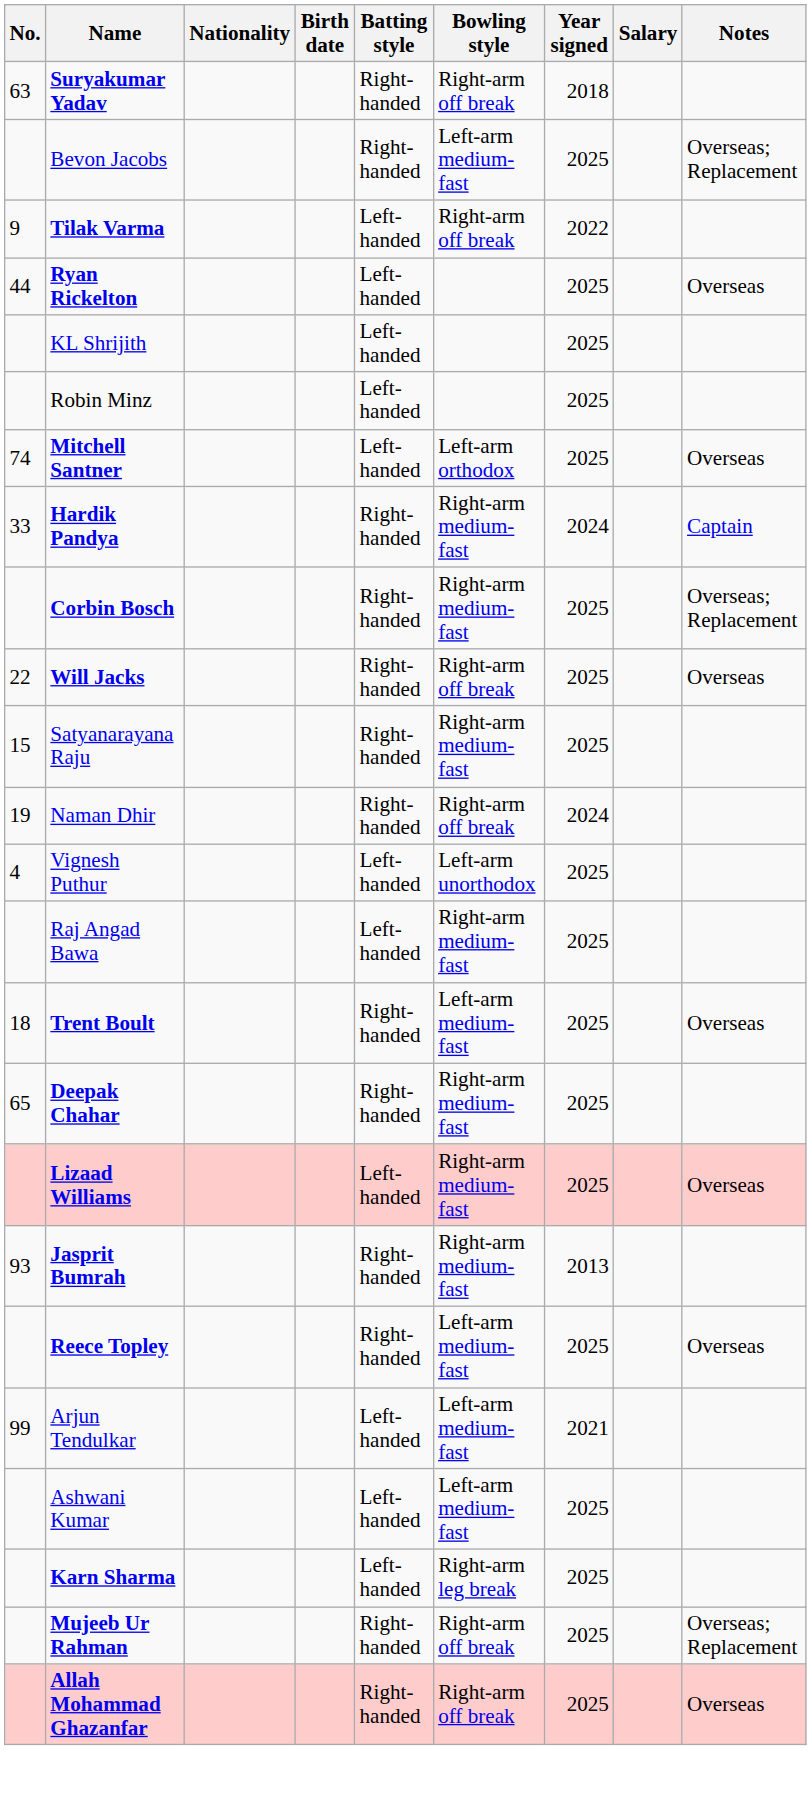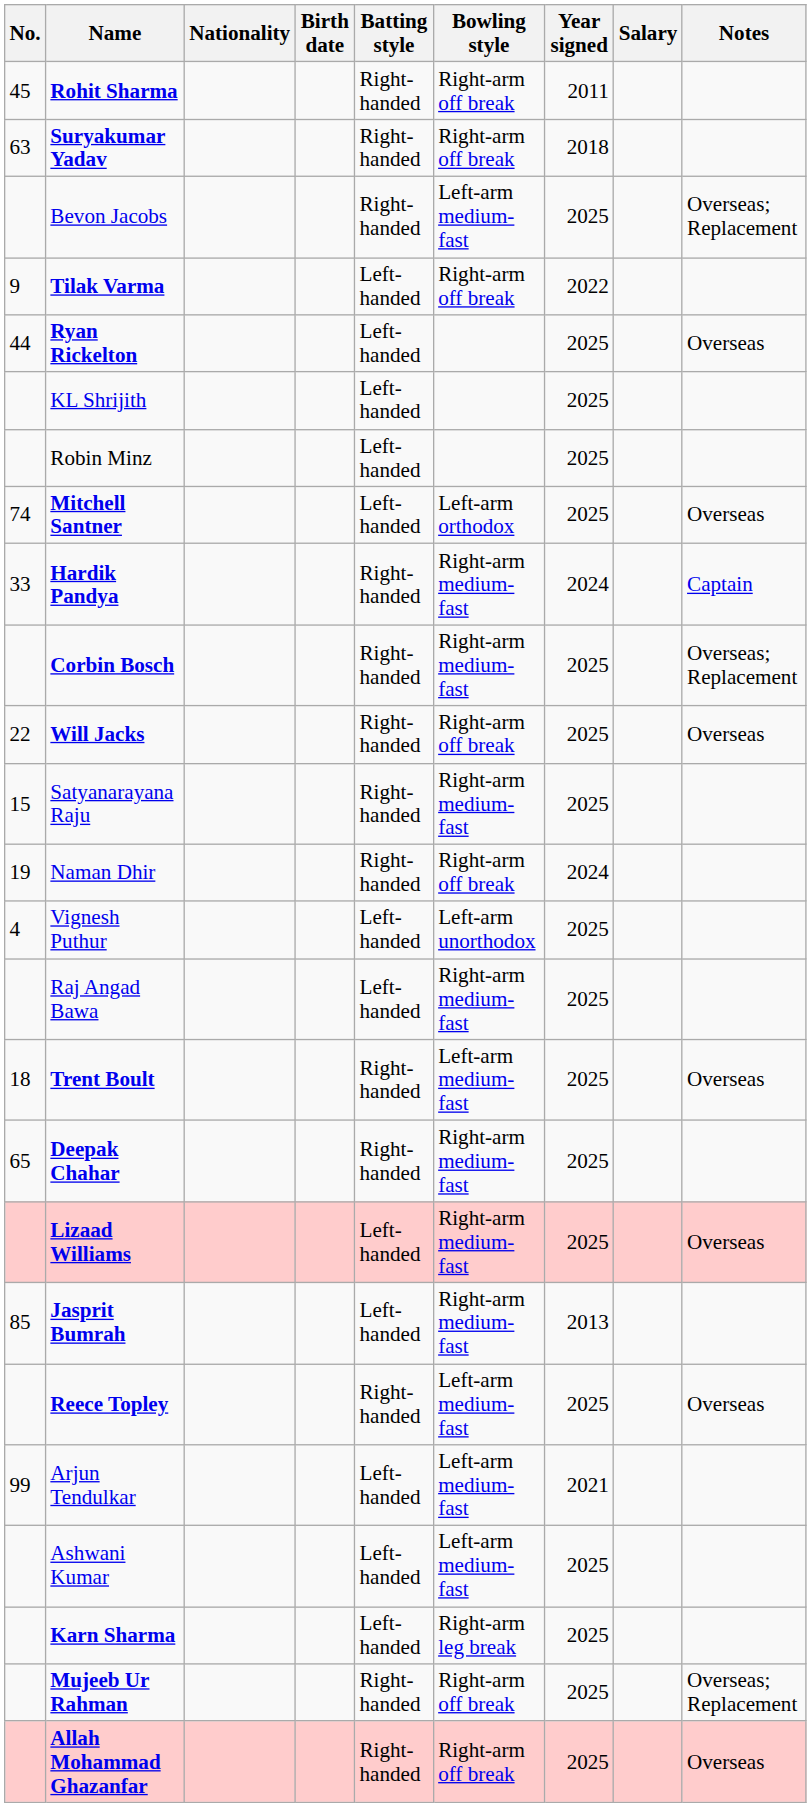 <table class="wikitable">
 <tr>
 <th>No.</th>
 <th>Name</th>
 <th>Nationality</th>
 <th>Birth date</th>
 <th>Batting style</th>
 <th>Bowling style</th>
 <th>Year signed</th>
 <th>Salary</th>
 <th>Notes</th>
+</tr>
+<tr>
+<td>45</td>
+<td><strong><a href='#'>Rohit Sharma</a></strong></td>
+<td></td>
+<td></td>
+<td>Right-handed</td>
+<td>Right-arm <a href='#'>off break</a></td>
+<td style="text-align:right;">2011</td>
+<td style="text-align:right;"></td>
+<td></td>
 </tr>
 <tr>
 <td>63</td>
 <td><strong><a href='#'>Suryakumar Yadav</a></strong></td>
 <td></td>
 <td></td>
 <td>Right-handed</td>
 <td>Right-arm <a href='#'>off break</a></td>
 <td style="text-align:right;">2018</td>
 <td style="text-align:right;"></td>
 <td></td>
 </tr>
 <tr>
 <td></td>
 <td><a href='#'>Bevon Jacobs</a></td>
 <td></td>
 <td></td>
 <td>Right-handed</td>
 <td>Left-arm <a href='#'>medium-fast</a></td>
 <td style="text-align:right;">2025</td>
 <td style="text-align:right;"></td>
 <td>Overseas; Replacement</td>
 </tr>
 <tr>
 <td>9</td>
 <td><strong><a href='#'>Tilak Varma</a></strong></td>
 <td></td>
 <td></td>
 <td>Left-handed</td>
 <td>Right-arm <a href='#'>off break</a></td>
 <td style="text-align:right;">2022</td>
 <td style="text-align:right;"></td>
 <td></td>
 </tr>
 <tr>
 <td>44</td>
 <td><strong><a href='#'>Ryan Rickelton</a></strong></td>
 <td></td>
 <td></td>
 <td>Left-handed</td>
 <td></td>
 <td style="text-align:right;">2025</td>
 <td style="text-align:right;"></td>
 <td>Overseas</td>
 </tr>
 <tr>
 <td></td>
 <td><a href='#'>KL Shrijith</a></td>
 <td></td>
 <td></td>
 <td>Left-handed</td>
 <td></td>
 <td style="text-align:right;">2025</td>
 <td style="text-align:right;"></td>
 <td></td>
 </tr>
 <tr>
 <td></td>
 <td>Robin Minz</td>
 <td></td>
 <td></td>
 <td>Left-handed</td>
 <td></td>
 <td style="text-align:right;">2025</td>
 <td style="text-align:right;"></td>
 <td></td>
 </tr>
 <tr>
 <td>74</td>
 <td><strong><a href='#'>Mitchell Santner</a></strong></td>
 <td></td>
 <td></td>
 <td>Left-handed</td>
 <td>Left-arm <a href='#'>orthodox</a></td>
 <td style="text-align:right;">2025</td>
 <td style="text-align:right;"></td>
 <td>Overseas</td>
 </tr>
 <tr>
 <td>33</td>
 <td><strong><a href='#'>Hardik Pandya</a></strong></td>
 <td></td>
 <td></td>
 <td>Right-handed</td>
 <td>Right-arm <a href='#'>medium-fast</a></td>
 <td style="text-align:right;">2024</td>
 <td style="text-align:right;"></td>
 <td><a href='#'>Captain</a></td>
 </tr>
 <tr>
 <td></td>
 <td><strong><a href='#'>Corbin Bosch</a></strong></td>
 <td></td>
 <td></td>
 <td>Right-handed</td>
 <td>Right-arm <a href='#'>medium-fast</a></td>
 <td style="text-align:right;">2025</td>
 <td style="text-align:right;"></td>
 <td>Overseas; Replacement</td>
 </tr>
 <tr>
 <td>22</td>
 <td><strong><a href='#'>Will Jacks</a></strong></td>
 <td></td>
 <td></td>
 <td>Right-handed</td>
 <td>Right-arm <a href='#'>off break</a></td>
 <td style="text-align:right;">2025</td>
 <td style="text-align:right;"></td>
 <td>Overseas</td>
 </tr>
 <tr>
 <td>15</td>
 <td><a href='#'>Satyanarayana Raju</a></td>
 <td></td>
 <td></td>
 <td>Right-handed</td>
 <td>Right-arm <a href='#'>medium-fast</a></td>
 <td style="text-align:right;">2025</td>
 <td style="text-align:right;"></td>
 <td></td>
 </tr>
 <tr>
 <td>19</td>
 <td><a href='#'>Naman Dhir</a></td>
 <td></td>
 <td></td>
 <td>Right-handed</td>
 <td>Right-arm <a href='#'>off break</a></td>
 <td style="text-align:right;">2024</td>
 <td style="text-align:right;"></td>
 <td></td>
 </tr>
 <tr>
 <td>4</td>
 <td><a href='#'>Vignesh Puthur</a></td>
 <td></td>
 <td></td>
 <td>Left-handed</td>
 <td>Left-arm <a href='#'>unorthodox</a></td>
 <td style="text-align:right;">2025</td>
 <td style="text-align:right;"></td>
 <td></td>
 </tr>
 <tr>
 <td></td>
 <td><a href='#'>Raj Angad Bawa</a></td>
 <td></td>
 <td></td>
 <td>Left-handed</td>
 <td>Right-arm <a href='#'>medium-fast</a></td>
 <td style="text-align:right;">2025</td>
 <td style="text-align:right;"></td>
 <td></td>
 </tr>
 <tr>
 <td>18</td>
 <td><strong><a href='#'>Trent Boult</a></strong></td>
 <td></td>
 <td></td>
 <td>Right-handed</td>
 <td>Left-arm <a href='#'>medium-fast</a></td>
 <td style="text-align:right;">2025</td>
 <td style="text-align:right;"></td>
 <td>Overseas</td>
 </tr>
 <tr>
 <td>65</td>
 <td><strong><a href='#'>Deepak Chahar</a></strong></td>
 <td></td>
 <td></td>
 <td>Right-handed</td>
 <td>Right-arm <a href='#'>medium-fast</a></td>
 <td style="text-align:right;">2025</td>
 <td style="text-align:right;"></td>
 <td></td>
 </tr>
 <tr style="background:#FFCCCC">
 <td></td>
 <td><strong><a href='#'>Lizaad Williams</a></strong></td>
 <td></td>
 <td></td>
 <td>Left-handed</td>
 <td>Right-arm <a href='#'>medium-fast</a></td>
 <td style="text-align:right;">2025</td>
 <td style="text-align:right;"></td>
 <td>Overseas</td>
 </tr>
 <tr>
-<td>93</td>
+<td>85</td>
 <td><strong><a href='#'>Jasprit Bumrah</a></strong></td>
 <td></td>
 <td></td>
-<td>Right-handed</td>
+<td>Left-handed</td>
 <td>Right-arm <a href='#'>medium-fast</a></td>
 <td style="text-align:right;">2013</td>
 <td style="text-align:right;"></td>
 <td></td>
 </tr>
 <tr>
 <td></td>
 <td><strong><a href='#'>Reece Topley</a></strong></td>
 <td></td>
 <td></td>
 <td>Right-handed</td>
 <td>Left-arm <a href='#'>medium-fast</a></td>
 <td style="text-align:right;">2025</td>
 <td style="text-align:right;"></td>
 <td>Overseas</td>
 </tr>
 <tr>
 <td>99</td>
 <td><a href='#'>Arjun Tendulkar</a></td>
 <td></td>
 <td></td>
 <td>Left-handed</td>
 <td>Left-arm <a href='#'>medium-fast</a></td>
 <td style="text-align:right;">2021</td>
 <td style="text-align:right;"></td>
 <td></td>
 </tr>
 <tr>
 <td></td>
 <td><a href='#'>Ashwani Kumar</a></td>
 <td></td>
 <td></td>
 <td>Left-handed</td>
 <td>Left-arm <a href='#'>medium-fast</a></td>
 <td style="text-align:right;">2025</td>
 <td style="text-align:right;"></td>
 <td></td>
 </tr>
 <tr>
 <td></td>
 <td><strong><a href='#'>Karn Sharma</a></strong></td>
 <td></td>
 <td></td>
 <td>Left-handed</td>
 <td>Right-arm <a href='#'>leg break</a></td>
 <td style="text-align:right;">2025</td>
 <td style="text-align:right;"></td>
 <td></td>
 </tr>
 <tr>
 <td></td>
 <td><strong><a href='#'>Mujeeb Ur Rahman</a></strong></td>
 <td></td>
 <td></td>
 <td>Right-handed</td>
 <td>Right-arm <a href='#'>off break</a></td>
 <td style="text-align:right;">2025</td>
 <td style="text-align:right;"></td>
 <td>Overseas; Replacement</td>
 </tr>
 <tr style="background:#FFCCCC">
 <td></td>
 <td><strong><a href='#'>Allah Mohammad Ghazanfar</a></strong></td>
 <td></td>
 <td></td>
 <td>Right-handed</td>
 <td>Right-arm <a href='#'>off break</a></td>
 <td style="text-align:right;">2025</td>
 <td style="text-align:right;"></td>
 <td>Overseas</td>
 </tr>
 </table>
